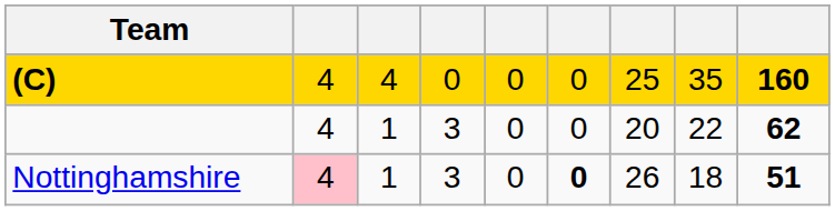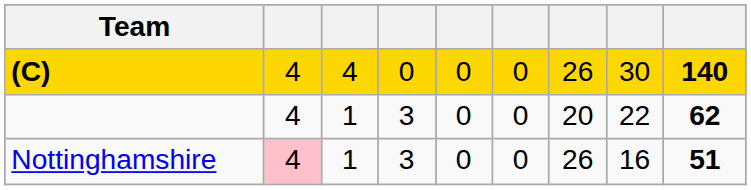 <table class="wikitable" style="text-align:center">
 <tr>
 <th width="140">Team</th>
 <th width="25"></th>
 <th width="25"></th>
 <th width="25"></th>
 <th width="25"></th>
 <th width="25"></th>
 <th width="25"></th>
 <th width="25"></th>
 <th width="40"></th>
 </tr>
 <tr style="background:gold">
 <td style="text-align:left"> <strong>(C)</strong></td>
 <td>4</td>
 <td>4</td>
 <td>0</td>
 <td>0</td>
 <td>0</td>
-<td>25</td>
-<td>35</td>
-<td><strong>160</strong></td>
+<td>26</td>
+<td>30</td>
+<td><strong>140</strong></td>
 </tr>
 <tr>
 <td style="text-align:left"></td>
 <td>4</td>
 <td>1</td>
 <td>3</td>
 <td>0</td>
 <td>0</td>
 <td>20</td>
 <td>22</td>
 <td><strong>62</strong></td>
 </tr>
 <tr>
 <td style="text-align:left"> <a href='#'>Nottinghamshire</a></td>
 <td style="background: pink;">4</td>
 <td>1</td>
 <td>3</td>
 <td>0</td>
-<td><strong>0</strong></td>
+<td>0</td>
 <td>26</td>
-<td>18</td>
+<td>16</td>
 <td><strong>51</strong></td>
 </tr>
 </table>
